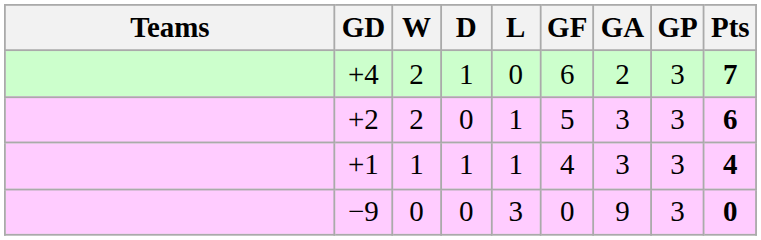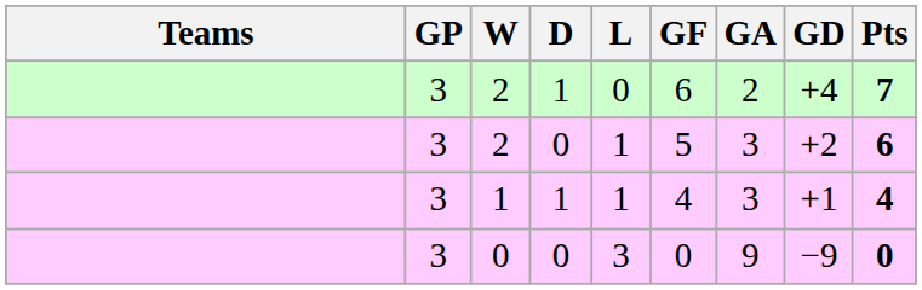 <table class=wikitable style="text-align:center">
 <tr>
 <th width=175>Teams</th>
-<th width=20>GD</th>
+<th width=20>GP</th>
 <th width=20>W</th>
 <th width=20>D</th>
 <th width=20>L</th>
 <th width=20>GF</th>
 <th width=20>GA</th>
-<th width=20>GP</th>
+<th width=20>GD</th>
 <th width=20>Pts</th>
 </tr>
 <tr style="background:#ccffcc;">
 <td style="text-align:left;"></td>
-<td>+4</td>
+<td>3</td>
 <td>2</td>
 <td>1</td>
 <td>0</td>
 <td>6</td>
 <td>2</td>
-<td>3</td>
+<td>+4</td>
 <td><strong>7</strong></td>
 </tr>
 <tr style="background:#ffccff;">
 <td style="text-align:left;"></td>
-<td>+2</td>
+<td>3</td>
 <td>2</td>
 <td>0</td>
 <td>1</td>
 <td>5</td>
 <td>3</td>
-<td>3</td>
+<td>+2</td>
 <td><strong>6</strong></td>
 </tr>
 <tr style="background:#ffccff;">
 <td style="text-align:left;"></td>
-<td>+1</td>
+<td>3</td>
 <td>1</td>
 <td>1</td>
 <td>1</td>
 <td>4</td>
 <td>3</td>
-<td>3</td>
+<td>+1</td>
 <td><strong>4</strong></td>
 </tr>
 <tr style="background:#ffccff;">
 <td style="text-align:left;"></td>
-<td>−9</td>
+<td>3</td>
 <td>0</td>
 <td>0</td>
 <td>3</td>
 <td>0</td>
 <td>9</td>
-<td>3</td>
+<td>−9</td>
 <td><strong>0</strong></td>
 </tr>
 </table>
